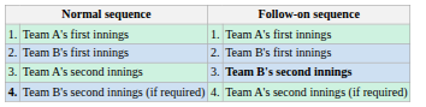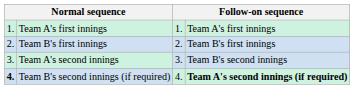 <table class="wikitable">
 <tr>
 <th colspan="2">Normal sequence</th>
 <th colspan="2">Follow-on sequence</th>
 </tr>
 <tr>
 <td style="background:#CEF2E0">1.</td>
 <td style="background:#CEF2E0">Team A's first innings</td>
 <td style="background:#CEF2E0">1.</td>
 <td style="background:#CEF2E0">Team A's first innings</td>
 </tr>
 <tr>
 <td style="background:#CEE0F2">2.</td>
 <td style="background:#CEE0F2">Team B's first innings</td>
 <td style="background:#CEE0F2">2.</td>
 <td style="background:#CEE0F2">Team B's first innings</td>
 </tr>
 <tr>
 <td style="background:#CEF2E0">3.</td>
 <td style="background:#CEF2E0">Team A's second innings</td>
 <td style="background:#CEE0F2">3.</td>
-<td style="background:#CEE0F2"><strong>Team B's second innings</strong></td>
+<td style="background:#CEE0F2">Team B's second innings</td>
 </tr>
 <tr>
 <td style="background:#CEE0F2"><strong>4.</strong></td>
 <td style="background:#CEE0F2">Team B's second innings (if required)</td>
 <td style="background:#CEF2E0">4.</td>
-<td style="background:#CEF2E0">Team A's second innings (if required)</td>
+<td style="background:#CEF2E0"><strong>Team A's second innings (if required)</strong></td>
 </tr>
 </table>
